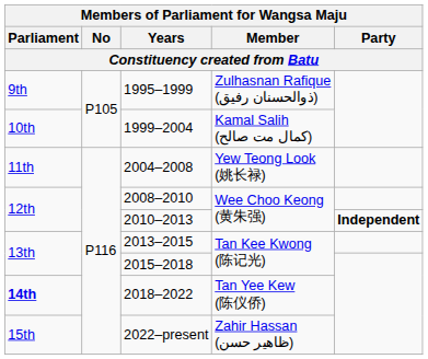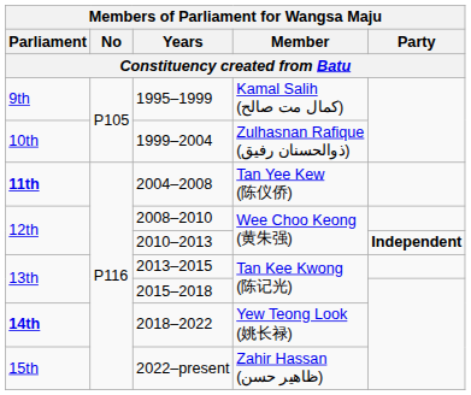 <table class=wikitable>
 <tr>
 <th colspan="5">Members of Parliament for Wangsa Maju</th>
 </tr>
 <tr>
 <th>Parliament</th>
 <th>No</th>
 <th>Years</th>
 <th>Member</th>
 <th>Party</th>
 </tr>
 <tr>
 <th colspan="5" align="center"><em>Constituency created from <a href='#'>Batu</a></em></th>
 </tr>
 <tr>
 <td><a href='#'>9th</a></td>
 <td rowspan="2">P105</td>
 <td>1995–1999</td>
-<td><a href='#'>Zulhasnan Rafique</a>  <br>(ذوالحسنان رفيق)</td>
+<td><a href='#'>Kamal Salih</a> <br> (كمال مت صالح)</td>
 <td rowspan="2"></td>
 </tr>
 <tr>
 <td><a href='#'>10th</a></td>
 <td>1999–2004</td>
-<td><a href='#'>Kamal Salih</a> <br> (كمال مت صالح)</td>
+<td><a href='#'>Zulhasnan Rafique</a>  <br>(ذوالحسنان رفيق)</td>
 </tr>
 <tr>
-<td><a href='#'>11th</a></td>
+<td><strong><a href='#'>11th</a></strong></td>
 <td rowspan=7>P116</td>
 <td>2004–2008</td>
-<td><a href='#'>Yew Teong Look</a> <br> (姚长禄)</td>
+<td><a href='#'>Tan Yee Kew</a>  <br>(陈仪侨)</td>
 <td></td>
 </tr>
 <tr>
 <td rowspan=2><a href='#'>12th</a></td>
 <td>2008–2010</td>
 <td rowspan=2><a href='#'>Wee Choo Keong</a>  <br> (黄朱强)</td>
 <td></td>
 </tr>
 <tr>
 <td>2010–2013</td>
 <td><strong>Independent</strong></td>
 </tr>
 <tr>
 <td rowspan=2><a href='#'>13th</a></td>
 <td>2013–2015</td>
 <td rowspan=2><a href='#'>Tan Kee Kwong</a> <br> (陈记光)</td>
 <td></td>
 </tr>
 <tr>
 <td>2015–2018</td>
 <td rowspan=3></td>
 </tr>
 <tr>
 <td><strong><a href='#'>14th</a></strong></td>
 <td>2018–2022</td>
-<td><a href='#'>Tan Yee Kew</a>  <br>(陈仪侨)</td>
+<td><a href='#'>Yew Teong Look</a> <br> (姚长禄)</td>
 </tr>
 <tr>
 <td><a href='#'>15th</a></td>
 <td>2022–present</td>
 <td><a href='#'>Zahir Hassan</a> <br> (ظاهير حسن)</td>
 </tr>
 </table>
